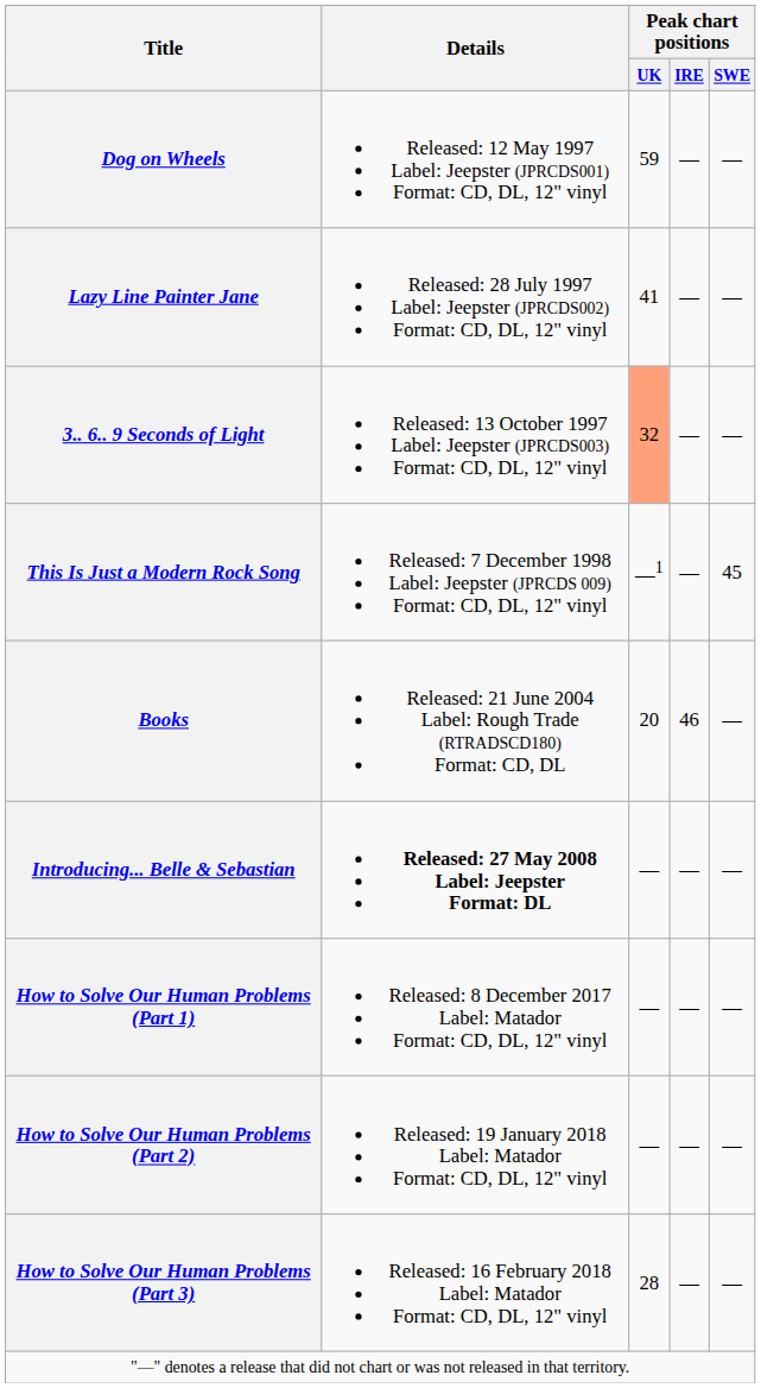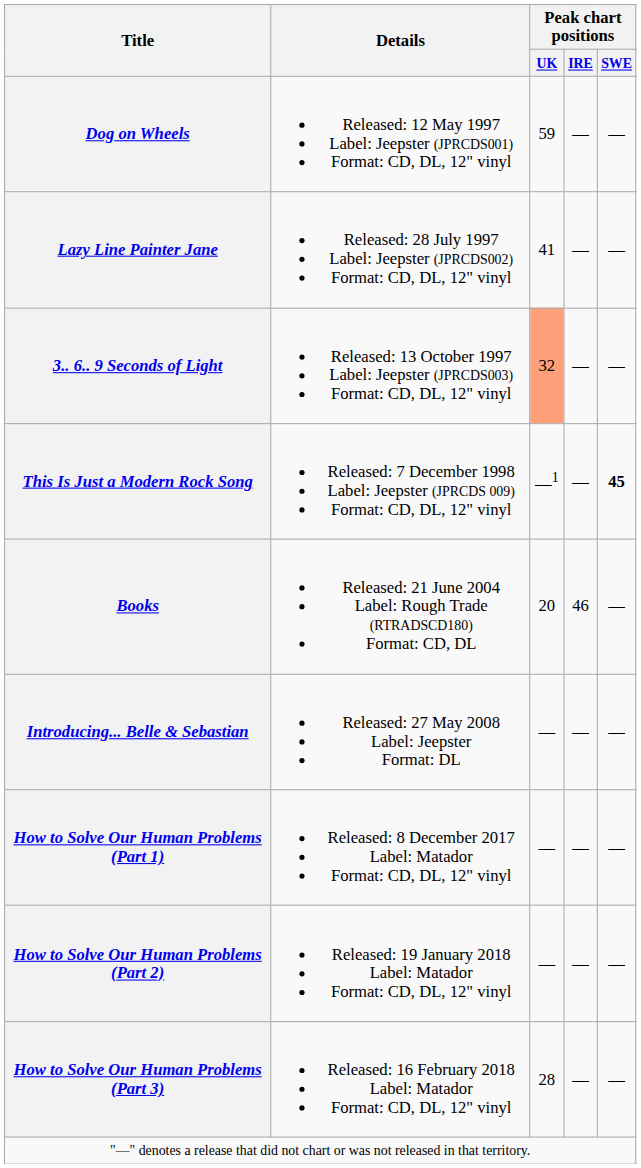 <table class="wikitable plainrowheaders" style="text-align:center;">
 <tr>
 <th scope="col" rowspan="2">Title</th>
 <th rowspan="2">Details</th>
 <th colspan="8">Peak chart positions</th>
 </tr>
 <tr>
 <th width="25"><small><a href='#'>UK</a></small><br></th>
 <th width="25"><small><a href='#'>IRE</a></small><br></th>
 <th width="25"><small><a href='#'>SWE</a></small><br></th>
 </tr>
 <tr>
 <th scope="row"><em><a href='#'>Dog on Wheels</a></em></th>
 <td><br><ul><li>Released: 12 May 1997</li><li>Label: Jeepster <small>(JPRCDS001)</small></li><li>Format: CD, DL, 12" vinyl</li></ul></td>
 <td align="center">59</td>
 <td align="center">—</td>
 <td align="center">—</td>
 </tr>
 <tr>
 <th scope="row"><em><a href='#'>Lazy Line Painter Jane</a></em></th>
 <td><br><ul><li>Released: 28 July 1997</li><li>Label: Jeepster <small>(JPRCDS002)</small></li><li>Format: CD, DL, 12" vinyl</li></ul></td>
 <td align="center">41</td>
 <td align="center">—</td>
 <td align="center">—</td>
 </tr>
 <tr>
 <th scope="row"><em><a href='#'>3.. 6.. 9 Seconds of Light</a></em></th>
 <td><br><ul><li>Released: 13 October 1997</li><li>Label: Jeepster <small>(JPRCDS003)</small></li><li>Format: CD, DL, 12" vinyl</li></ul></td>
 <td align="center" style="background: lightsalmon;">32</td>
 <td align="center">—</td>
 <td align="center">—</td>
 </tr>
 <tr>
 <th scope="row"><em><a href='#'>This Is Just a Modern Rock Song</a></em></th>
 <td><br><ul><li>Released: 7 December 1998</li><li>Label: Jeepster <small>(JPRCDS 009)</small></li><li>Format: CD, DL, 12" vinyl</li></ul></td>
 <td align="center">—<sup>1</sup></td>
 <td align="center">—</td>
-<td align="center">45</td>
+<td align="center"><strong>45</strong></td>
 </tr>
 <tr>
 <th scope="row"><em><a href='#'>Books</a></em></th>
 <td><br><ul><li>Released: 21 June 2004</li><li>Label: Rough Trade <small>(RTRADSCD180)</small></li><li>Format: CD, DL</li></ul></td>
 <td align="center">20</td>
 <td align="center">46</td>
 <td align="center">—</td>
 </tr>
 <tr>
 <th scope="row"><em><a href='#'>Introducing... Belle & Sebastian</a></em></th>
-<td><strong><br><ul><li>Released: 27 May 2008</li><li>Label: Jeepster</li><li>Format: DL</li></ul></strong></td>
+<td><br><ul><li>Released: 27 May 2008</li><li>Label: Jeepster</li><li>Format: DL</li></ul></td>
 <td align="center">—</td>
 <td align="center">—</td>
 <td align="center">—</td>
 </tr>
 <tr>
 <th scope="row"><em><a href='#'>How to Solve Our Human Problems (Part 1)</a></em></th>
 <td><br><ul><li>Released: 8 December 2017</li><li>Label: Matador</li><li>Format: CD, DL, 12" vinyl</li></ul></td>
 <td align="center">—</td>
 <td align="center">—</td>
 <td align="center">—</td>
 </tr>
 <tr>
 <th scope="row"><em><a href='#'>How to Solve Our Human Problems (Part 2)</a></em></th>
 <td><br><ul><li>Released: 19 January 2018</li><li>Label: Matador</li><li>Format: CD, DL, 12" vinyl</li></ul></td>
 <td align="center">—</td>
 <td align="center">—</td>
 <td align="center">—</td>
 </tr>
 <tr>
 <th scope="row"><em><a href='#'>How to Solve Our Human Problems (Part 3)</a></em></th>
 <td><br><ul><li>Released: 16 February 2018</li><li>Label: Matador</li><li>Format: CD, DL, 12" vinyl</li></ul></td>
 <td align="center">28</td>
 <td align="center">—</td>
 <td align="center">—</td>
 </tr>
 <tr>
 <td style="text-align:center;" colspan="17"><small>"—" denotes a release that did not chart or was not released in that territory.</small></td>
 </tr>
 </table>
